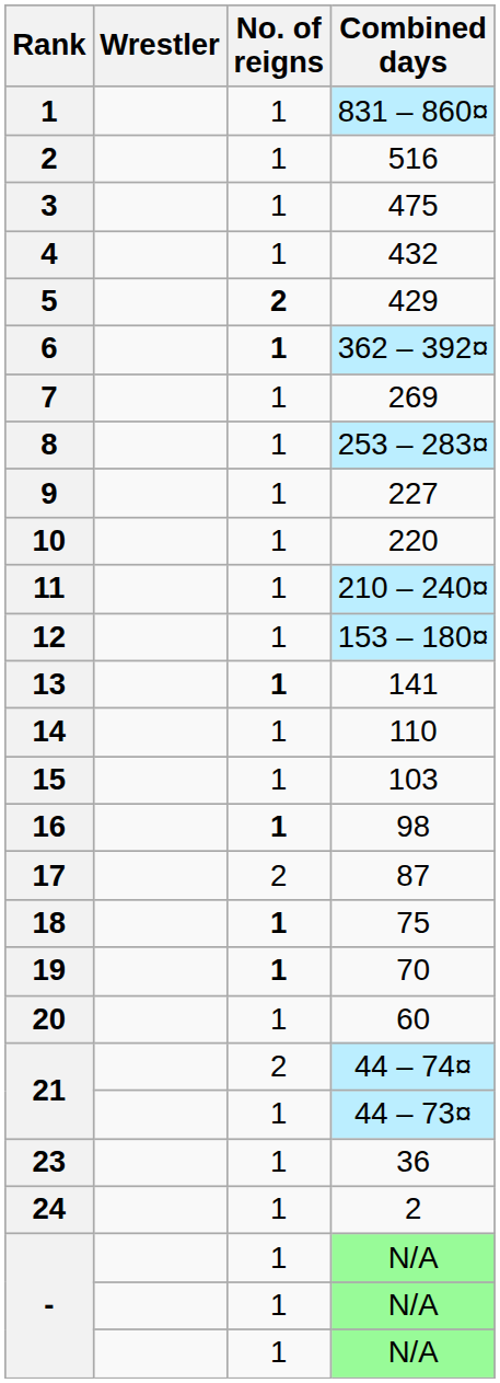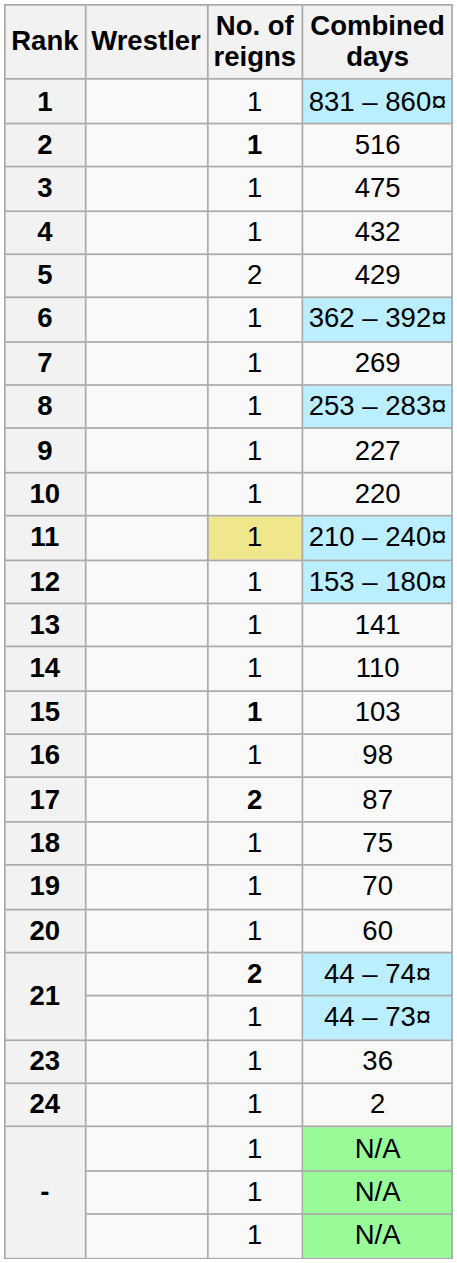 <table class="wikitable sortable" style="text-align: center">
 <tr>
 <th>Rank</th>
 <th>Wrestler</th>
 <th>No. of<br>reigns</th>
 <th>Combined<br>days</th>
 </tr>
 <tr>
 <th>1</th>
 <td></td>
 <td>1</td>
 <td style="background-color:#bbeeff">831 – 860¤</td>
 </tr>
 <tr>
 <th>2</th>
 <td></td>
-<td>1</td>
+<td><strong>1</strong></td>
 <td>516</td>
 </tr>
 <tr>
 <th>3</th>
 <td></td>
 <td>1</td>
 <td>475</td>
 </tr>
 <tr>
 <th>4</th>
 <td></td>
 <td>1</td>
 <td>432</td>
 </tr>
 <tr>
 <th>5</th>
 <td></td>
-<td><strong>2</strong></td>
+<td>2</td>
 <td>429</td>
 </tr>
 <tr>
 <th>6</th>
 <td></td>
-<td><strong>1</strong></td>
+<td>1</td>
 <td style="background-color:#bbeeff">362 – 392¤</td>
 </tr>
 <tr>
 <th>7</th>
 <td></td>
 <td>1</td>
 <td>269</td>
 </tr>
 <tr>
 <th>8</th>
 <td></td>
 <td>1</td>
 <td style="background-color:#bbeeff">253 – 283¤</td>
 </tr>
 <tr>
 <th>9</th>
 <td></td>
 <td>1</td>
 <td>227</td>
 </tr>
 <tr>
 <th>10</th>
 <td></td>
 <td>1</td>
 <td>220</td>
 </tr>
 <tr>
 <th>11</th>
 <td></td>
-<td>1</td>
+<td style="background: khaki;">1</td>
 <td style="background-color:#bbeeff">210 – 240¤</td>
 </tr>
 <tr>
 <th>12</th>
 <td></td>
 <td>1</td>
 <td style="background-color:#bbeeff">153 – 180¤</td>
 </tr>
 <tr>
 <th>13</th>
 <td></td>
-<td><strong>1</strong></td>
+<td>1</td>
 <td>141</td>
 </tr>
 <tr>
 <th>14</th>
 <td></td>
 <td>1</td>
 <td>110</td>
 </tr>
 <tr>
 <th>15</th>
 <td></td>
-<td>1</td>
+<td><strong>1</strong></td>
 <td>103</td>
 </tr>
 <tr>
 <th>16</th>
 <td></td>
-<td><strong>1</strong></td>
+<td>1</td>
 <td>98</td>
 </tr>
 <tr>
 <th>17</th>
 <td></td>
-<td>2</td>
+<td><strong>2</strong></td>
 <td>87</td>
 </tr>
 <tr>
 <th>18</th>
 <td></td>
-<td><strong>1</strong></td>
+<td>1</td>
 <td>75</td>
 </tr>
 <tr>
 <th>19</th>
 <td></td>
-<td><strong>1</strong></td>
+<td>1</td>
 <td>70</td>
 </tr>
 <tr>
 <th>20</th>
 <td></td>
 <td>1</td>
 <td>60</td>
 </tr>
 <tr>
 <th rowspan=2>21</th>
 <td></td>
-<td>2</td>
+<td><strong>2</strong></td>
 <td style="background-color:#bbeeff">44 – 74¤</td>
 </tr>
 <tr>
 <td></td>
 <td>1</td>
 <td style="background-color:#bbeeff">44 – 73¤</td>
 </tr>
 <tr>
 <th>23</th>
 <td></td>
 <td>1</td>
 <td>36</td>
 </tr>
 <tr>
 <th>24</th>
 <td></td>
 <td>1</td>
 <td>2</td>
 </tr>
 <tr>
 <th rowspan=3>-</th>
 <td></td>
 <td>1</td>
 <td style="background-color:#98FB98">N/A</td>
 </tr>
 <tr>
 <td></td>
 <td>1</td>
 <td style="background-color:#98FB98">N/A</td>
 </tr>
 <tr>
 <td></td>
 <td>1</td>
 <td style="background-color:#98FB98">N/A</td>
 </tr>
 </table>
